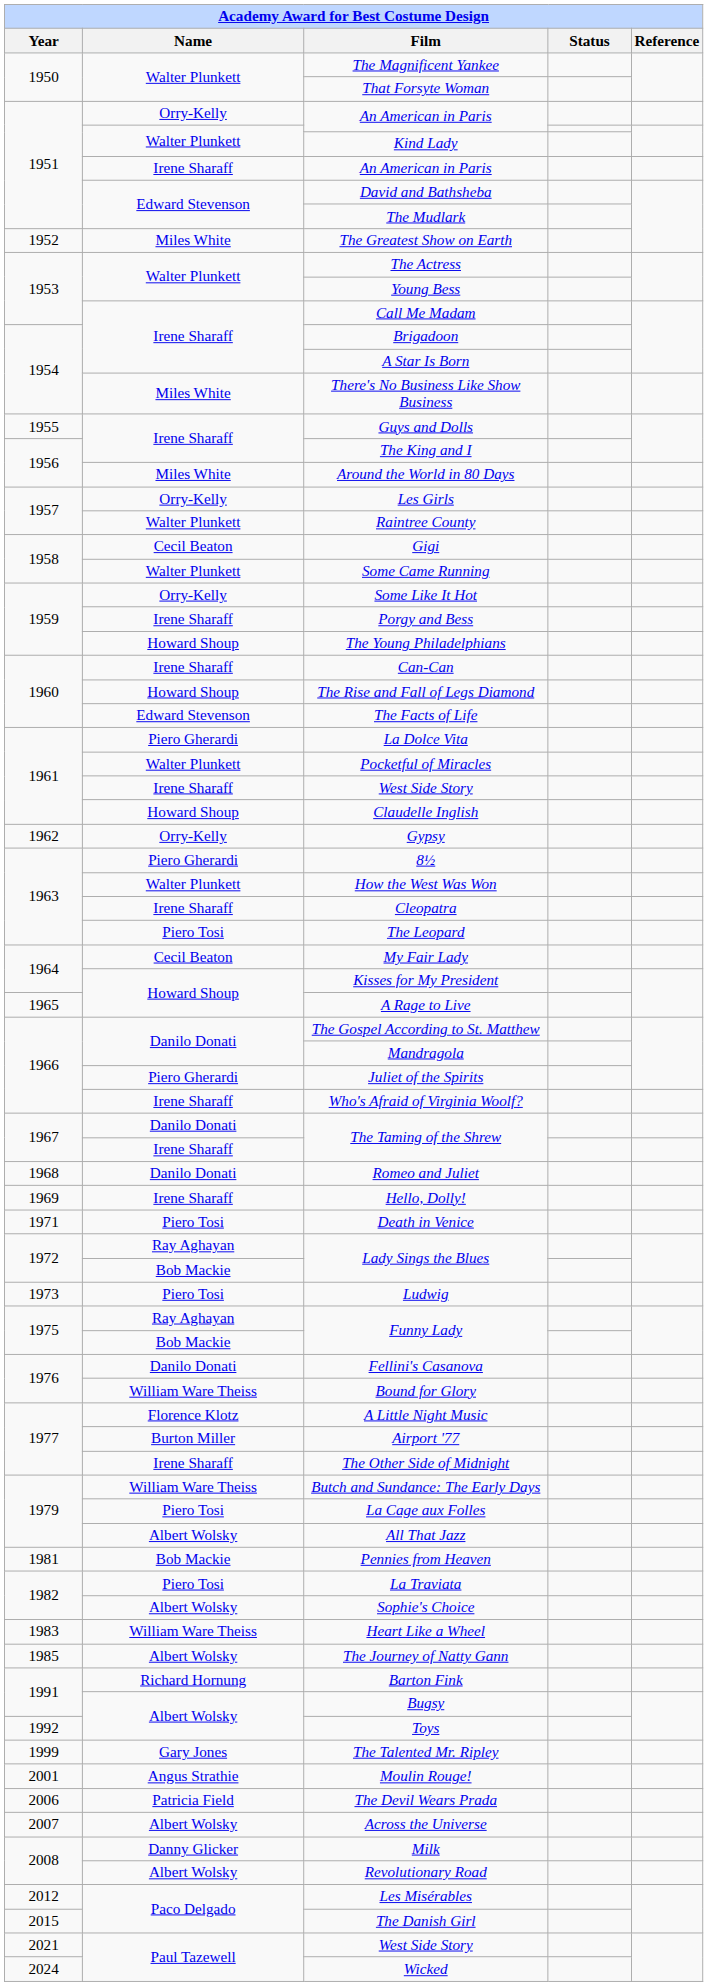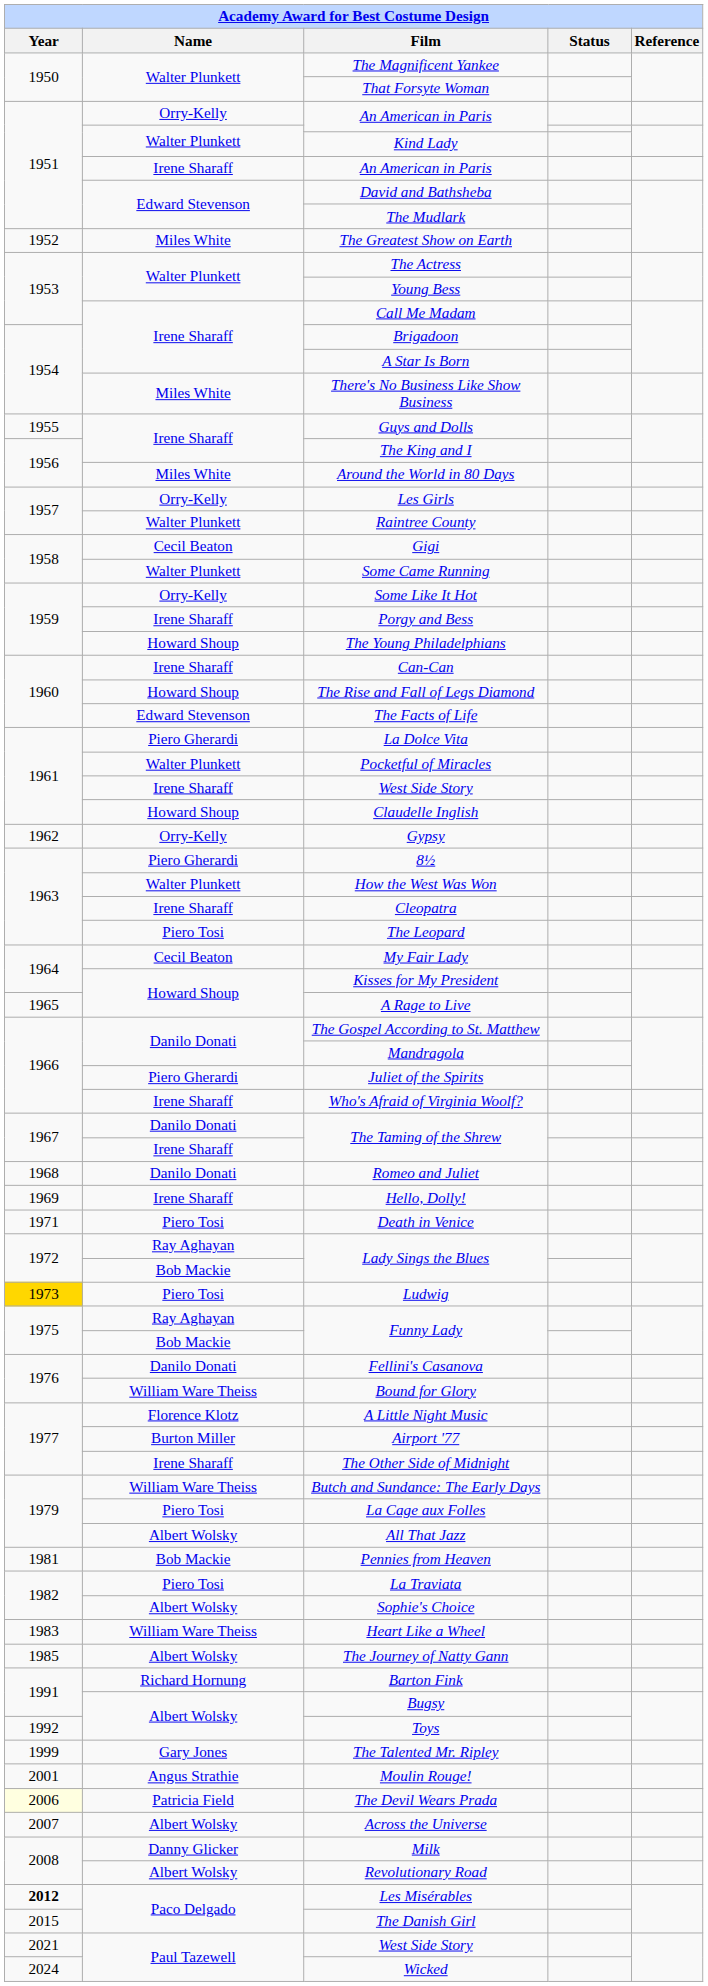 <table class="wikitable" style="text-align: center">
 <tr style="background:#bfd7ff;">
 <td colspan="5" style="text-align:center;"><strong><a href='#'>Academy Award for Best Costume Design</a></strong></td>
 </tr>
 <tr style="background:#ebf5ff;">
 <th style="width:075px;">Year</th>
 <th style="width:225px;">Name</th>
 <th style="width:250px;">Film</th>
 <th style="width:080px;">Status</th>
 <th width="50">Reference</th>
 </tr>
 <tr>
 <td rowspan=2>1950</td>
 <td rowspan=2><a href='#'>Walter Plunkett</a></td>
 <td><em><a href='#'>The Magnificent Yankee</a></em></td>
 <td></td>
 <td rowspan=2></td>
 </tr>
 <tr>
 <td><em><a href='#'>That Forsyte Woman</a></em></td>
 <td></td>
 </tr>
 <tr>
 <td rowspan=6>1951</td>
 <td><a href='#'>Orry-Kelly</a></td>
 <td rowspan=2><em><a href='#'>An American in Paris</a></em></td>
 <td></td>
 <td></td>
 </tr>
 <tr>
 <td rowspan=2><a href='#'>Walter Plunkett</a></td>
 <td></td>
 <td rowspan=2></td>
 </tr>
 <tr>
 <td><em><a href='#'>Kind Lady</a></em></td>
 <td></td>
 </tr>
 <tr>
 <td><a href='#'>Irene Sharaff</a></td>
 <td><em><a href='#'>An American in Paris</a></em></td>
 <td></td>
 <td></td>
 </tr>
 <tr>
 <td rowspan=2><a href='#'>Edward Stevenson</a></td>
 <td><em><a href='#'>David and Bathsheba</a></em></td>
 <td></td>
 <td rowspan=3></td>
 </tr>
 <tr>
 <td><em><a href='#'>The Mudlark</a></em></td>
 <td></td>
 </tr>
 <tr>
 <td>1952</td>
 <td><a href='#'>Miles White</a></td>
 <td><em><a href='#'>The Greatest Show on Earth</a></em></td>
 <td></td>
 </tr>
 <tr>
 <td rowspan=3>1953</td>
 <td rowspan=2><a href='#'>Walter Plunkett</a></td>
 <td><em><a href='#'>The Actress</a></em></td>
 <td></td>
 <td rowspan=2></td>
 </tr>
 <tr>
 <td><em><a href='#'>Young Bess</a></em></td>
 <td></td>
 </tr>
 <tr>
 <td rowspan=3><a href='#'>Irene Sharaff</a></td>
 <td><em><a href='#'>Call Me Madam</a></em></td>
 <td></td>
 <td rowspan=3></td>
 </tr>
 <tr>
 <td rowspan=3>1954</td>
 <td><em><a href='#'>Brigadoon</a></em></td>
 <td></td>
 </tr>
 <tr>
 <td><em><a href='#'>A Star Is Born</a></em></td>
 <td></td>
 </tr>
 <tr>
 <td><a href='#'>Miles White</a></td>
 <td><em><a href='#'>There's No Business Like Show Business</a></em></td>
 <td></td>
 <td></td>
 </tr>
 <tr>
 <td>1955</td>
 <td rowspan=2><a href='#'>Irene Sharaff</a></td>
 <td><em><a href='#'>Guys and Dolls</a></em></td>
 <td></td>
 <td rowspan=2></td>
 </tr>
 <tr>
 <td rowspan=2>1956</td>
 <td><em><a href='#'>The King and I</a></em></td>
 <td></td>
 </tr>
 <tr>
 <td><a href='#'>Miles White</a></td>
 <td><em><a href='#'>Around the World in 80 Days</a></em></td>
 <td></td>
 <td></td>
 </tr>
 <tr>
 <td rowspan=2>1957</td>
 <td><a href='#'>Orry-Kelly</a></td>
 <td><em><a href='#'>Les Girls</a></em></td>
 <td></td>
 <td></td>
 </tr>
 <tr>
 <td><a href='#'>Walter Plunkett</a></td>
 <td><em><a href='#'>Raintree County</a></em></td>
 <td></td>
 <td></td>
 </tr>
 <tr>
 <td rowspan=2>1958</td>
 <td><a href='#'>Cecil Beaton</a></td>
 <td><em><a href='#'>Gigi</a></em></td>
 <td></td>
 <td></td>
 </tr>
 <tr>
 <td><a href='#'>Walter Plunkett</a></td>
 <td><em><a href='#'>Some Came Running</a></em></td>
 <td></td>
 <td></td>
 </tr>
 <tr>
 <td rowspan=3>1959</td>
 <td><a href='#'>Orry-Kelly</a></td>
 <td><em><a href='#'>Some Like It Hot</a></em></td>
 <td></td>
 <td></td>
 </tr>
 <tr>
 <td><a href='#'>Irene Sharaff</a></td>
 <td><em><a href='#'>Porgy and Bess</a></em></td>
 <td></td>
 <td></td>
 </tr>
 <tr>
 <td><a href='#'>Howard Shoup</a></td>
 <td><em><a href='#'>The Young Philadelphians</a></em></td>
 <td></td>
 <td></td>
 </tr>
 <tr>
 <td rowspan=3>1960</td>
 <td><a href='#'>Irene Sharaff</a></td>
 <td><em><a href='#'>Can-Can</a></em></td>
 <td></td>
 <td></td>
 </tr>
 <tr>
 <td><a href='#'>Howard Shoup</a></td>
 <td><em><a href='#'>The Rise and Fall of Legs Diamond</a></em></td>
 <td></td>
 <td></td>
 </tr>
 <tr>
 <td><a href='#'>Edward Stevenson</a></td>
 <td><em><a href='#'>The Facts of Life</a></em></td>
 <td></td>
 <td></td>
 </tr>
 <tr>
 <td rowspan=4>1961</td>
 <td><a href='#'>Piero Gherardi</a></td>
 <td><em><a href='#'>La Dolce Vita</a></em></td>
 <td></td>
 <td></td>
 </tr>
 <tr>
 <td><a href='#'>Walter Plunkett</a></td>
 <td><em><a href='#'>Pocketful of Miracles</a></em></td>
 <td></td>
 <td></td>
 </tr>
 <tr>
 <td><a href='#'>Irene Sharaff</a></td>
 <td><em><a href='#'>West Side Story</a></em></td>
 <td></td>
 <td></td>
 </tr>
 <tr>
 <td><a href='#'>Howard Shoup</a></td>
 <td><em><a href='#'>Claudelle Inglish</a></em></td>
 <td></td>
 <td></td>
 </tr>
 <tr>
 <td>1962</td>
 <td><a href='#'>Orry-Kelly</a></td>
 <td><em><a href='#'>Gypsy</a></em></td>
 <td></td>
 <td></td>
 </tr>
 <tr>
 <td rowspan=4>1963</td>
 <td><a href='#'>Piero Gherardi</a></td>
 <td><em><a href='#'>8½</a></em></td>
 <td></td>
 <td></td>
 </tr>
 <tr>
 <td><a href='#'>Walter Plunkett</a></td>
 <td><em><a href='#'>How the West Was Won</a></em></td>
 <td></td>
 <td></td>
 </tr>
 <tr>
 <td><a href='#'>Irene Sharaff</a></td>
 <td><em><a href='#'>Cleopatra</a></em></td>
 <td></td>
 <td></td>
 </tr>
 <tr>
 <td><a href='#'>Piero Tosi</a></td>
 <td><em><a href='#'>The Leopard</a></em></td>
 <td></td>
 <td></td>
 </tr>
 <tr>
 <td rowspan=2>1964</td>
 <td><a href='#'>Cecil Beaton</a></td>
 <td><em><a href='#'>My Fair Lady</a></em></td>
 <td></td>
 <td></td>
 </tr>
 <tr>
 <td rowspan=2><a href='#'>Howard Shoup</a></td>
 <td><em><a href='#'>Kisses for My President</a></em></td>
 <td></td>
 <td rowspan=2></td>
 </tr>
 <tr>
 <td>1965</td>
 <td><em><a href='#'>A Rage to Live</a></em></td>
 <td></td>
 </tr>
 <tr>
 <td rowspan=4>1966</td>
 <td rowspan=2><a href='#'>Danilo Donati</a></td>
 <td><em><a href='#'>The Gospel According to St. Matthew</a></em></td>
 <td></td>
 <td rowspan=3></td>
 </tr>
 <tr>
 <td><em><a href='#'>Mandragola</a></em></td>
 <td></td>
 </tr>
 <tr>
 <td><a href='#'>Piero Gherardi</a></td>
 <td><em><a href='#'>Juliet of the Spirits</a></em></td>
 <td></td>
 </tr>
 <tr>
 <td><a href='#'>Irene Sharaff</a></td>
 <td><em><a href='#'>Who's Afraid of Virginia Woolf?</a></em></td>
 <td></td>
 <td></td>
 </tr>
 <tr>
 <td rowspan=2>1967</td>
 <td><a href='#'>Danilo Donati</a></td>
 <td rowspan=2><em><a href='#'>The Taming of the Shrew</a></em></td>
 <td></td>
 <td></td>
 </tr>
 <tr>
 <td><a href='#'>Irene Sharaff</a></td>
 <td></td>
 <td></td>
 </tr>
 <tr>
 <td>1968</td>
 <td><a href='#'>Danilo Donati</a></td>
 <td><em><a href='#'>Romeo and Juliet</a></em></td>
 <td></td>
 <td></td>
 </tr>
 <tr>
 <td>1969</td>
 <td><a href='#'>Irene Sharaff</a></td>
 <td><em><a href='#'>Hello, Dolly!</a></em></td>
 <td></td>
 <td></td>
 </tr>
 <tr>
 <td>1971</td>
 <td><a href='#'>Piero Tosi</a></td>
 <td><em><a href='#'>Death in Venice</a></em></td>
 <td></td>
 <td></td>
 </tr>
 <tr>
 <td rowspan=2>1972</td>
 <td><a href='#'>Ray Aghayan</a></td>
 <td rowspan=2><em><a href='#'>Lady Sings the Blues</a></em></td>
 <td></td>
 <td rowspan=2></td>
 </tr>
 <tr>
 <td><a href='#'>Bob Mackie</a></td>
 <td></td>
 </tr>
 <tr>
-<td>1973</td>
+<td style="background: gold;">1973</td>
 <td><a href='#'>Piero Tosi</a></td>
 <td><em><a href='#'>Ludwig</a></em></td>
 <td></td>
 <td></td>
 </tr>
 <tr>
 <td rowspan=2>1975</td>
 <td><a href='#'>Ray Aghayan</a></td>
 <td rowspan=2><em><a href='#'>Funny Lady</a></em></td>
 <td></td>
 <td rowspan=2></td>
 </tr>
 <tr>
 <td><a href='#'>Bob Mackie</a></td>
 <td></td>
 </tr>
 <tr>
 <td rowspan=2>1976</td>
 <td><a href='#'>Danilo Donati</a></td>
 <td><em><a href='#'>Fellini's Casanova</a></em></td>
 <td></td>
 <td></td>
 </tr>
 <tr>
 <td><a href='#'>William Ware Theiss</a></td>
 <td><em><a href='#'>Bound for Glory</a></em></td>
 <td></td>
 <td></td>
 </tr>
 <tr>
 <td rowspan=3>1977</td>
 <td><a href='#'>Florence Klotz</a></td>
 <td><em><a href='#'>A Little Night Music</a></em></td>
 <td></td>
 <td></td>
 </tr>
 <tr>
 <td><a href='#'>Burton Miller</a></td>
 <td><em><a href='#'>Airport '77</a></em></td>
 <td></td>
 <td></td>
 </tr>
 <tr>
 <td><a href='#'>Irene Sharaff</a></td>
 <td><em><a href='#'>The Other Side of Midnight</a></em></td>
 <td></td>
 <td></td>
 </tr>
 <tr>
 <td rowspan=3>1979</td>
 <td><a href='#'>William Ware Theiss</a></td>
 <td><em><a href='#'>Butch and Sundance: The Early Days</a></em></td>
 <td></td>
 <td></td>
 </tr>
 <tr>
 <td><a href='#'>Piero Tosi</a></td>
 <td><em><a href='#'>La Cage aux Folles</a></em></td>
 <td></td>
 <td></td>
 </tr>
 <tr>
 <td><a href='#'>Albert Wolsky</a></td>
 <td><em><a href='#'>All That Jazz</a></em></td>
 <td></td>
 <td></td>
 </tr>
 <tr>
 <td>1981</td>
 <td><a href='#'>Bob Mackie</a></td>
 <td><em><a href='#'>Pennies from Heaven</a></em></td>
 <td></td>
 <td></td>
 </tr>
 <tr>
 <td rowspan=2>1982</td>
 <td><a href='#'>Piero Tosi</a></td>
 <td><em><a href='#'>La Traviata</a></em></td>
 <td></td>
 <td></td>
 </tr>
 <tr>
 <td><a href='#'>Albert Wolsky</a></td>
 <td><em><a href='#'>Sophie's Choice</a></em></td>
 <td></td>
 <td></td>
 </tr>
 <tr>
 <td>1983</td>
 <td><a href='#'>William Ware Theiss</a></td>
 <td><em><a href='#'>Heart Like a Wheel</a></em></td>
 <td></td>
 <td></td>
 </tr>
 <tr>
 <td>1985</td>
 <td><a href='#'>Albert Wolsky</a></td>
 <td><em><a href='#'>The Journey of Natty Gann</a></em></td>
 <td></td>
 <td></td>
 </tr>
 <tr>
 <td rowspan=2>1991</td>
 <td><a href='#'>Richard Hornung</a></td>
 <td><em><a href='#'>Barton Fink</a></em></td>
 <td></td>
 <td></td>
 </tr>
 <tr>
 <td rowspan=2><a href='#'>Albert Wolsky</a></td>
 <td><em><a href='#'>Bugsy</a></em></td>
 <td></td>
 <td rowspan=2></td>
 </tr>
 <tr>
 <td>1992</td>
 <td><em><a href='#'>Toys</a></em></td>
 <td></td>
 </tr>
 <tr>
 <td>1999</td>
 <td><a href='#'>Gary Jones</a></td>
 <td><em><a href='#'>The Talented Mr. Ripley</a></em></td>
 <td></td>
 <td></td>
 </tr>
 <tr>
 <td>2001</td>
 <td><a href='#'>Angus Strathie</a></td>
 <td><em><a href='#'>Moulin Rouge!</a></em></td>
 <td></td>
 <td></td>
 </tr>
 <tr>
-<td>2006</td>
+<td style="background: lightyellow;">2006</td>
 <td><a href='#'>Patricia Field</a></td>
 <td><em><a href='#'>The Devil Wears Prada</a></em></td>
 <td></td>
 <td></td>
 </tr>
 <tr>
 <td>2007</td>
 <td><a href='#'>Albert Wolsky</a></td>
 <td><em><a href='#'>Across the Universe</a></em></td>
 <td></td>
 <td></td>
 </tr>
 <tr>
 <td rowspan=2>2008</td>
 <td><a href='#'>Danny Glicker</a></td>
 <td><em><a href='#'>Milk</a></em></td>
 <td></td>
 <td></td>
 </tr>
 <tr>
 <td><a href='#'>Albert Wolsky</a></td>
 <td><em><a href='#'>Revolutionary Road</a></em></td>
 <td></td>
 <td></td>
 </tr>
 <tr>
-<td>2012</td>
+<td><strong>2012</strong></td>
 <td rowspan=2><a href='#'>Paco Delgado</a></td>
 <td><em><a href='#'>Les Misérables</a></em></td>
 <td></td>
 <td rowspan=2></td>
 </tr>
 <tr>
 <td>2015</td>
 <td><em><a href='#'>The Danish Girl</a></em></td>
 <td></td>
 </tr>
 <tr>
 <td>2021</td>
 <td rowspan=2><a href='#'>Paul Tazewell</a></td>
 <td><em><a href='#'>West Side Story</a></em></td>
 <td></td>
 <td rowspan=2></td>
 </tr>
 <tr>
 <td>2024</td>
 <td><em><a href='#'>Wicked</a></em></td>
 <td></td>
 </tr>
 </table>
